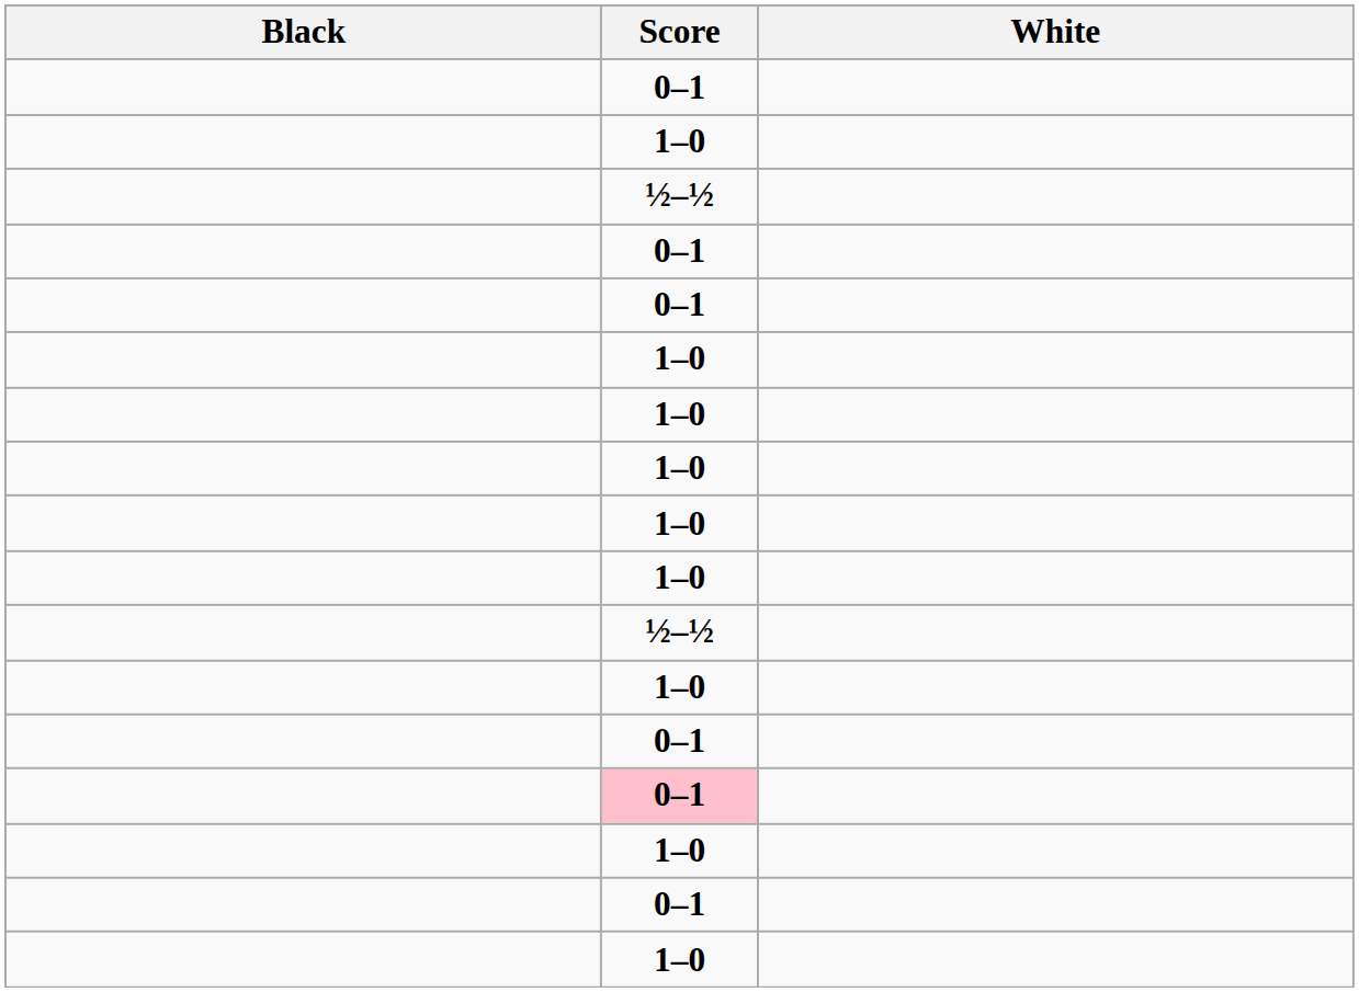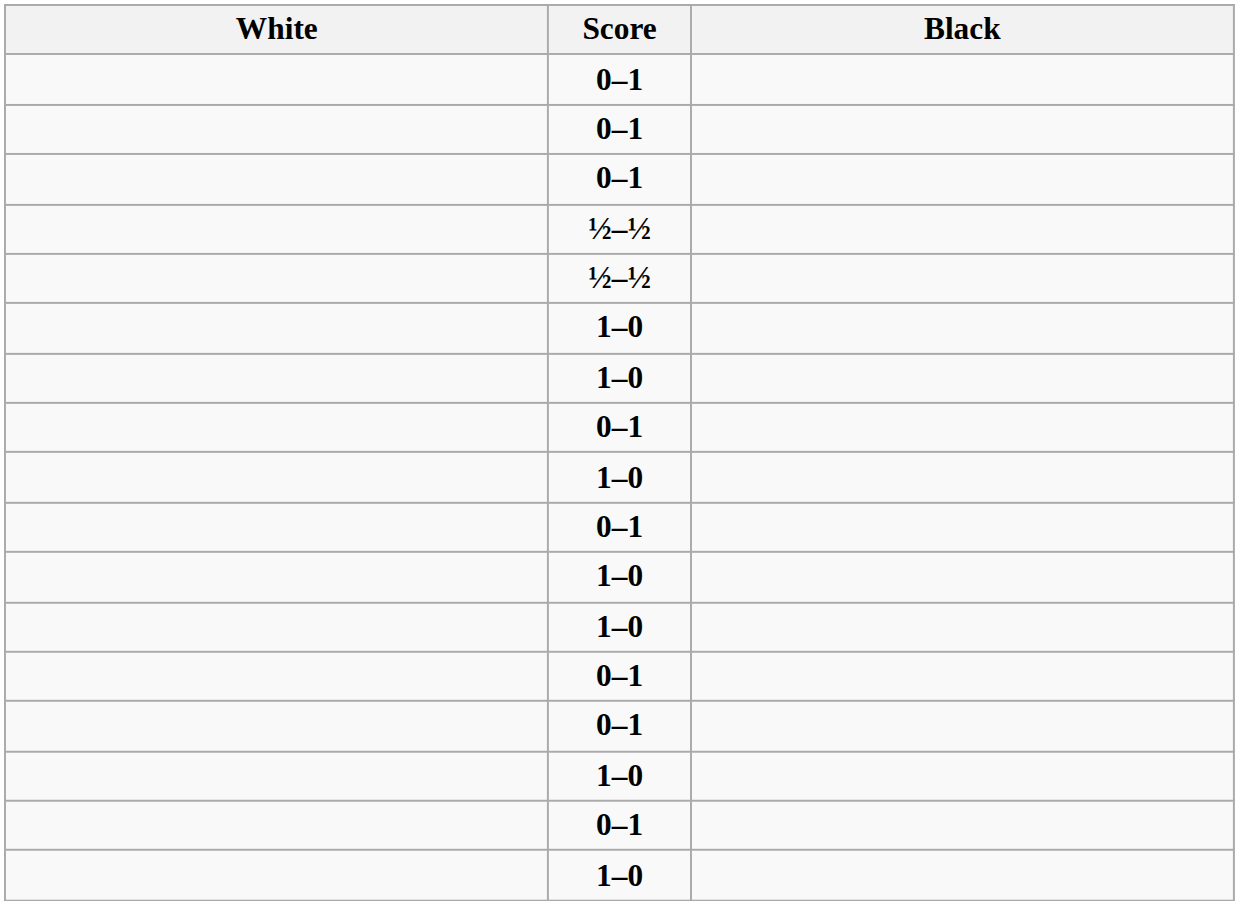 <table class="wikitable" style="text-align: center;">
 <tr>
+<th align="right" width="270">White</th>
+<th width="65">Score</th>
 <th align="left" width="270">Black</th>
-<th width="65">Score</th>
-<th align="right" width="270">White</th>
+</tr>
+<tr>
+<td align=left></td>
+<td align=center><strong>0–1</strong></td>
+<td align=left><strong></strong></td>
+</tr>
+<tr>
+<td align=left></td>
+<td align=center><strong>0–1</strong></td>
+<td align=left><strong></strong></td>
+</tr>
+<tr>
+<td align=left></td>
+<td align=center><strong>0–1</strong></td>
+<td align=left></td>
+</tr>
+<tr>
+<td align=left></td>
+<td align=center><strong>½–½</strong></td>
+<td align=left></td>
+</tr>
+<tr>
+<td align=left></td>
+<td align=center><strong>½–½</strong></td>
+<td align=left><strong></strong></td>
+</tr>
+<tr>
+<td align=left><strong></strong></td>
+<td align=center><strong>1–0</strong></td>
+<td align=left></td>
+</tr>
+<tr>
+<td align=left><strong></strong></td>
+<td align=center><strong>1–0</strong></td>
+<td align=left></td>
+</tr>
+<tr>
+<td align=left></td>
+<td align=center><strong>0–1</strong></td>
+<td align=left><strong></strong></td>
+</tr>
+<tr>
+<td align=left><strong></strong></td>
+<td align=center><strong>1–0</strong></td>
+<td align=left></td>
 </tr>
 <tr>
 <td align=left><strong></strong></td>
 <td align=center><strong>0–1</strong></td>
 <td align=left></td>
 </tr>
 <tr>
 <td align=left><strong></strong></td>
 <td align=center><strong>1–0</strong></td>
 <td align=left></td>
 </tr>
 <tr>
-<td align=left></td>
-<td align=center><strong>½–½</strong></td>
+<td align=left><strong></strong></td>
+<td align=center><strong>1–0</strong></td>
 <td align=left></td>
 </tr>
 <tr>
 <td align=left></td>
 <td align=center><strong>0–1</strong></td>
-<td align=left></td>
-</tr>
-<tr>
-<td align=left><strong></strong></td>
-<td align=center><strong>0–1</strong></td>
-<td align=left></td>
-</tr>
-<tr>
-<td align=left></td>
-<td align=center><strong>1–0</strong></td>
 <td align=left><strong></strong></td>
 </tr>
 <tr>
 <td align=left></td>
-<td align=center><strong>1–0</strong></td>
+<td align=center><strong>0–1</strong></td>
 <td align=left><strong></strong></td>
 </tr>
 <tr>
 <td align=left><strong></strong></td>
 <td align=center><strong>1–0</strong></td>
 <td align=left></td>
 </tr>
 <tr>
 <td align=left></td>
-<td align=center><strong>1–0</strong></td>
-<td align=left><strong></strong></td>
-</tr>
-<tr>
-<td align=left></td>
-<td align=center><strong>1–0</strong></td>
-<td align=left><strong></strong></td>
-</tr>
-<tr>
-<td align=left></td>
-<td align=center><strong>½–½</strong></td>
-<td align=left><strong></strong></td>
-</tr>
-<tr>
-<td align=left></td>
-<td align=center><strong>1–0</strong></td>
+<td align=center><strong>0–1</strong></td>
 <td align=left><strong></strong></td>
 </tr>
 <tr>
 <td align=left><strong></strong></td>
-<td align=center><strong>0–1</strong></td>
+<td align=center><strong>1–0</strong></td>
 <td align=left></td>
 </tr>
-<tr>
-<td align=left><strong></strong></td>
-<td align=center style="background: pink;"><strong>0–1</strong></td>
-<td align=left></td>
-</tr>
-<tr>
-<td align=left></td>
-<td align=center><strong>1–0</strong></td>
-<td align=left><strong></strong></td>
-</tr>
-<tr>
-<td align=left><strong></strong></td>
-<td align=center><strong>0–1</strong></td>
-<td align=left></td>
-</tr>
-<tr>
-<td align=left></td>
-<td align=center><strong>1–0</strong></td>
-<td align=left><strong></strong></td>
-</tr>
 </table>
